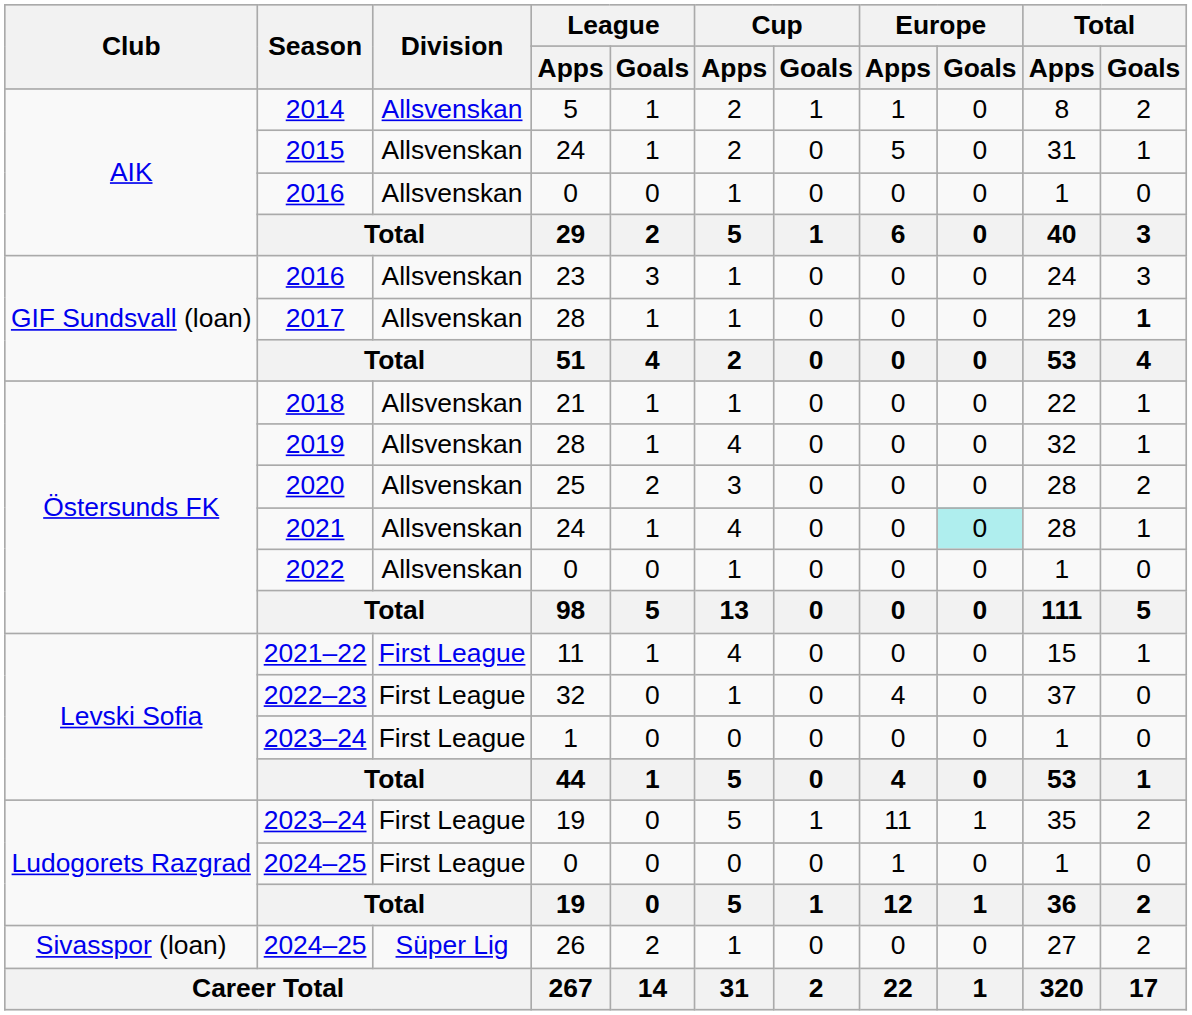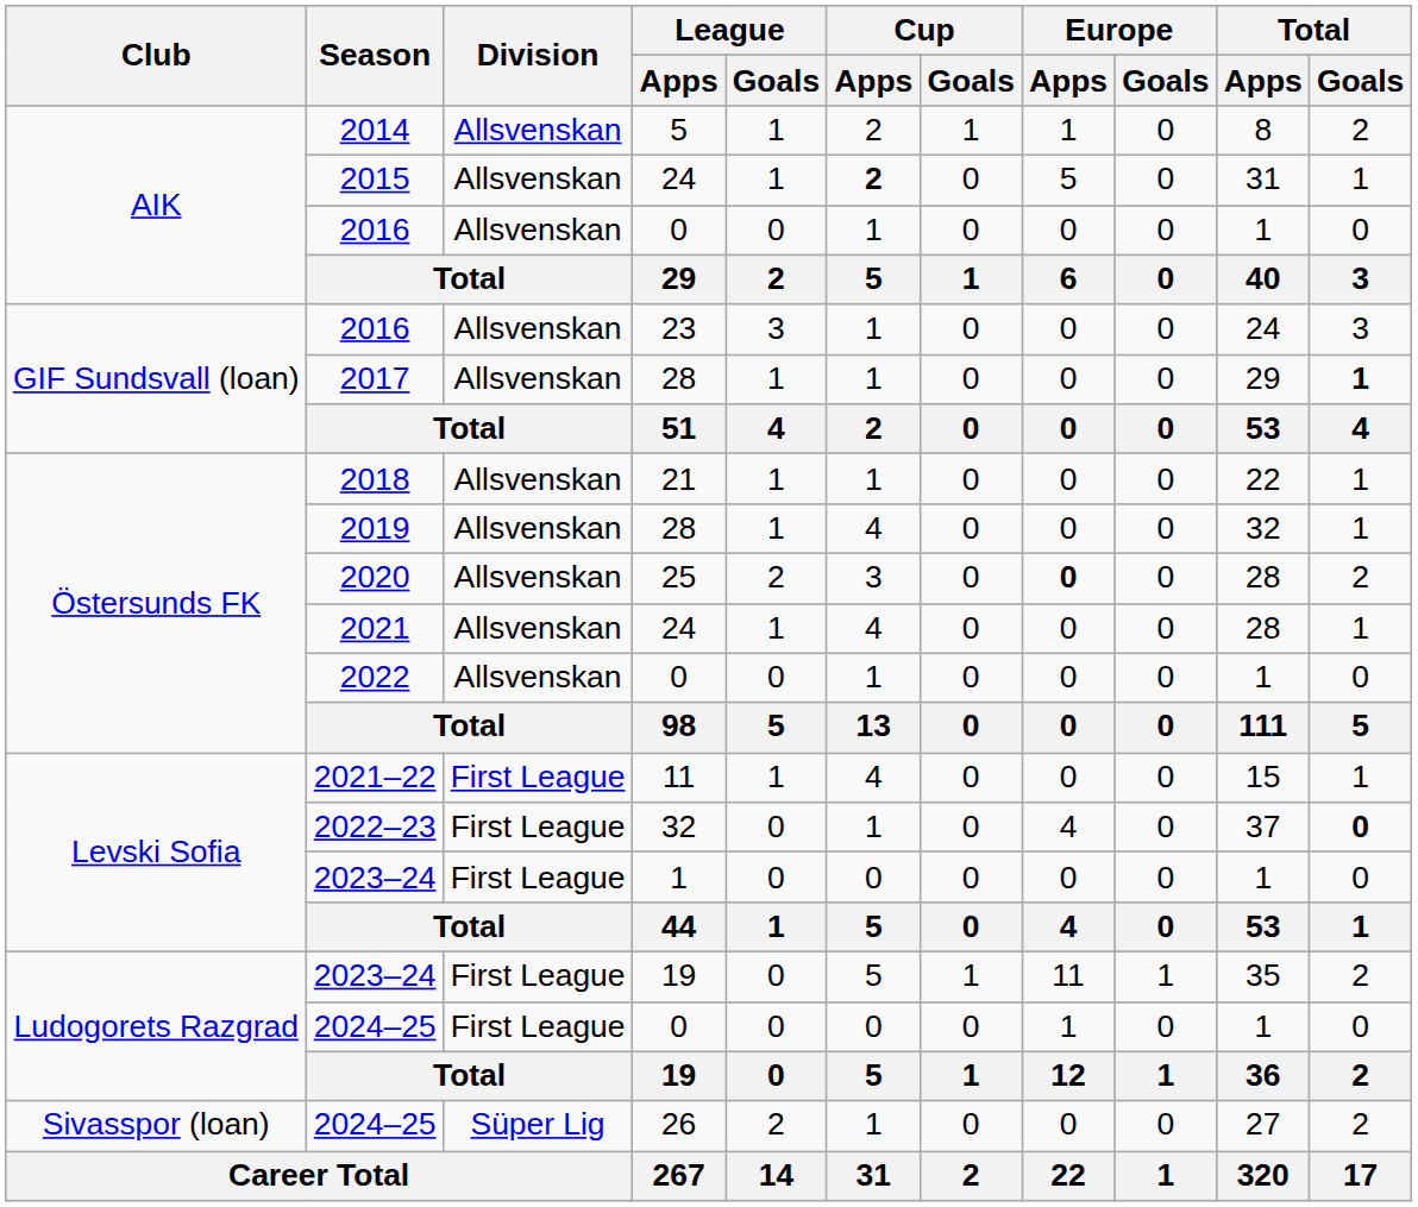 <table class="wikitable" style="text-align: center;">
 <tr>
 <th rowspan="2" href>Club</th>
 <th rowspan="2" href=>Season</th>
 <th rowspan="2">Division</th>
 <th colspan="2">League</th>
 <th colspan="2">Cup</th>
 <th colspan="2">Europe</th>
 <th colspan="2">Total</th>
 </tr>
 <tr>
 <th>Apps</th>
 <th>Goals</th>
 <th>Apps</th>
 <th>Goals</th>
 <th>Apps</th>
 <th>Goals</th>
 <th>Apps</th>
 <th>Goals</th>
 </tr>
 <tr>
 <td rowspan="4"><a href='#'>AIK</a></td>
 <td><a href='#'>2014</a></td>
 <td><a href='#'>Allsvenskan</a></td>
 <td>5</td>
 <td>1</td>
 <td>2</td>
 <td>1</td>
 <td>1</td>
 <td>0</td>
 <td>8</td>
 <td>2</td>
 </tr>
 <tr>
 <td><a href='#'>2015</a></td>
 <td>Allsvenskan</td>
 <td>24</td>
 <td>1</td>
-<td>2</td>
+<td><strong>2</strong></td>
 <td>0</td>
 <td>5</td>
 <td>0</td>
 <td>31</td>
 <td>1</td>
 </tr>
 <tr>
 <td><a href='#'>2016</a></td>
 <td>Allsvenskan</td>
 <td>0</td>
 <td>0</td>
 <td>1</td>
 <td>0</td>
 <td>0</td>
 <td>0</td>
 <td>1</td>
 <td>0</td>
 </tr>
 <tr>
 <th colspan="2">Total</th>
 <th>29</th>
 <th>2</th>
 <th>5</th>
 <th>1</th>
 <th>6</th>
 <th>0</th>
 <th>40</th>
 <th>3</th>
 </tr>
 <tr>
 <td rowspan="3"><a href='#'>GIF Sundsvall</a> (loan)</td>
 <td><a href='#'>2016</a></td>
 <td>Allsvenskan</td>
 <td>23</td>
 <td>3</td>
 <td>1</td>
 <td>0</td>
 <td>0</td>
 <td>0</td>
 <td>24</td>
 <td>3</td>
 </tr>
 <tr>
 <td><a href='#'>2017</a></td>
 <td>Allsvenskan</td>
 <td>28</td>
 <td>1</td>
 <td>1</td>
 <td>0</td>
 <td>0</td>
 <td>0</td>
 <td>29</td>
 <td><strong>1</strong></td>
 </tr>
 <tr>
 <th colspan="2">Total</th>
 <th>51</th>
 <th>4</th>
 <th>2</th>
 <th>0</th>
 <th>0</th>
 <th>0</th>
 <th>53</th>
 <th>4</th>
 </tr>
 <tr>
 <td rowspan="6"><a href='#'>Östersunds FK</a></td>
 <td><a href='#'>2018</a></td>
 <td>Allsvenskan</td>
 <td>21</td>
 <td>1</td>
 <td>1</td>
 <td>0</td>
 <td>0</td>
 <td>0</td>
 <td>22</td>
 <td>1</td>
 </tr>
 <tr>
 <td><a href='#'>2019</a></td>
 <td>Allsvenskan</td>
 <td>28</td>
 <td>1</td>
 <td>4</td>
 <td>0</td>
 <td>0</td>
 <td>0</td>
 <td>32</td>
 <td>1</td>
 </tr>
 <tr>
 <td><a href='#'>2020</a></td>
 <td>Allsvenskan</td>
 <td>25</td>
 <td>2</td>
 <td>3</td>
 <td>0</td>
-<td>0</td>
+<td><strong>0</strong></td>
 <td>0</td>
 <td>28</td>
 <td>2</td>
 </tr>
 <tr>
 <td><a href='#'>2021</a></td>
 <td>Allsvenskan</td>
 <td>24</td>
 <td>1</td>
 <td>4</td>
 <td>0</td>
 <td>0</td>
-<td style="background: paleturquoise;">0</td>
+<td>0</td>
 <td>28</td>
 <td>1</td>
 </tr>
 <tr>
 <td><a href='#'>2022</a></td>
 <td>Allsvenskan</td>
 <td>0</td>
 <td>0</td>
 <td>1</td>
 <td>0</td>
 <td>0</td>
 <td>0</td>
 <td>1</td>
 <td>0</td>
 </tr>
 <tr>
 <th colspan="2">Total</th>
 <th>98</th>
 <th>5</th>
 <th>13</th>
 <th>0</th>
 <th>0</th>
 <th>0</th>
 <th>111</th>
 <th>5</th>
 </tr>
 <tr>
 <td rowspan=4><a href='#'>Levski Sofia</a></td>
 <td><a href='#'>2021–22</a></td>
 <td><a href='#'>First League</a></td>
 <td>11</td>
 <td>1</td>
 <td>4</td>
 <td>0</td>
 <td>0</td>
 <td>0</td>
 <td>15</td>
 <td>1</td>
 </tr>
 <tr>
 <td><a href='#'>2022–23</a></td>
 <td>First League</td>
 <td>32</td>
 <td>0</td>
 <td>1</td>
 <td>0</td>
 <td>4</td>
 <td>0</td>
 <td>37</td>
-<td>0</td>
+<td><strong>0</strong></td>
 </tr>
 <tr>
 <td><a href='#'>2023–24</a></td>
 <td>First League</td>
 <td>1</td>
 <td>0</td>
 <td>0</td>
 <td>0</td>
 <td>0</td>
 <td>0</td>
 <td>1</td>
 <td>0</td>
 </tr>
 <tr>
 <th colspan="2">Total</th>
 <th>44</th>
 <th>1</th>
 <th>5</th>
 <th>0</th>
 <th>4</th>
 <th>0</th>
 <th>53</th>
 <th>1</th>
 </tr>
 <tr>
 <td rowspan="3"><a href='#'>Ludogorets Razgrad</a></td>
 <td><a href='#'>2023–24</a></td>
 <td>First League</td>
 <td>19</td>
 <td>0</td>
 <td>5</td>
 <td>1</td>
 <td>11</td>
 <td>1</td>
 <td>35</td>
 <td>2</td>
 </tr>
 <tr>
 <td><a href='#'>2024–25</a></td>
 <td>First League</td>
 <td>0</td>
 <td>0</td>
 <td>0</td>
 <td>0</td>
 <td>1</td>
 <td>0</td>
 <td>1</td>
 <td>0</td>
 </tr>
 <tr>
 <th colspan="2">Total</th>
 <th>19</th>
 <th>0</th>
 <th>5</th>
 <th>1</th>
 <th>12</th>
 <th>1</th>
 <th>36</th>
 <th>2</th>
 </tr>
 <tr>
 <td><a href='#'>Sivasspor</a> (loan)</td>
 <td><a href='#'>2024–25</a></td>
 <td><a href='#'>Süper Lig</a></td>
 <td>26</td>
 <td>2</td>
 <td>1</td>
 <td>0</td>
 <td>0</td>
 <td>0</td>
 <td>27</td>
 <td>2</td>
 </tr>
 <tr>
 <th colspan="3">Career Total</th>
 <th>267</th>
 <th>14</th>
 <th>31</th>
 <th>2</th>
 <th>22</th>
 <th>1</th>
 <th>320</th>
 <th>17</th>
 </tr>
 </table>
